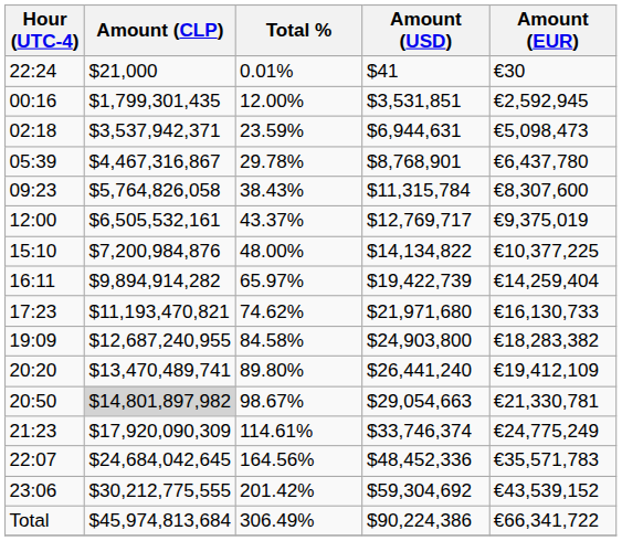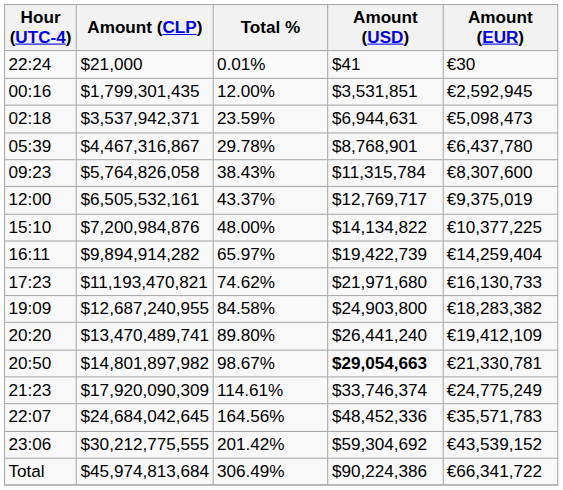 <table class="wikitable">
 <tr>
 <th width="60">Hour (<a href='#'>UTC-4</a>)</th>
 <th width="100">Amount (<a href='#'>CLP</a>)</th>
 <th width="100">Total %</th>
 <th width="100">Amount (<a href='#'>USD</a>)</th>
 <th width="100">Amount (<a href='#'>EUR</a>)</th>
 </tr>
 <tr>
 <td>22:24</td>
 <td>$21,000</td>
 <td>0.01%</td>
 <td>$41</td>
 <td>€30</td>
 </tr>
 <tr>
 <td>00:16</td>
 <td>$1,799,301,435</td>
 <td>12.00%</td>
 <td>$3,531,851</td>
 <td>€2,592,945</td>
 </tr>
 <tr>
 <td>02:18</td>
 <td>$3,537,942,371</td>
 <td>23.59%</td>
 <td>$6,944,631</td>
 <td>€5,098,473</td>
 </tr>
 <tr>
 <td>05:39</td>
 <td>$4,467,316,867</td>
 <td>29.78%</td>
 <td>$8,768,901</td>
 <td>€6,437,780</td>
 </tr>
 <tr>
 <td>09:23</td>
 <td>$5,764,826,058</td>
 <td>38.43%</td>
 <td>$11,315,784</td>
 <td>€8,307,600</td>
 </tr>
 <tr>
 <td>12:00</td>
 <td>$6,505,532,161</td>
 <td>43.37%</td>
 <td>$12,769,717</td>
 <td>€9,375,019</td>
 </tr>
 <tr>
 <td>15:10</td>
 <td>$7,200,984,876</td>
 <td>48.00%</td>
 <td>$14,134,822</td>
 <td>€10,377,225</td>
 </tr>
 <tr>
 <td>16:11</td>
 <td>$9,894,914,282</td>
 <td>65.97%</td>
 <td>$19,422,739</td>
 <td>€14,259,404</td>
 </tr>
 <tr>
 <td>17:23</td>
 <td>$11,193,470,821</td>
 <td>74.62%</td>
 <td>$21,971,680</td>
 <td>€16,130,733</td>
 </tr>
 <tr>
 <td>19:09</td>
 <td>$12,687,240,955</td>
 <td>84.58%</td>
 <td>$24,903,800</td>
 <td>€18,283,382</td>
 </tr>
 <tr>
 <td>20:20</td>
 <td>$13,470,489,741</td>
 <td>89.80%</td>
 <td>$26,441,240</td>
 <td>€19,412,109</td>
 </tr>
 <tr>
 <td>20:50</td>
-<td style="background: lightgrey;">$14,801,897,982</td>
+<td>$14,801,897,982</td>
 <td>98.67%</td>
-<td>$29,054,663</td>
+<td><strong>$29,054,663</strong></td>
 <td>€21,330,781</td>
 </tr>
 <tr>
 <td>21:23</td>
 <td>$17,920,090,309</td>
 <td>114.61%</td>
 <td>$33,746,374</td>
 <td>€24,775,249</td>
 </tr>
 <tr>
 <td>22:07</td>
 <td>$24,684,042,645</td>
 <td>164.56%</td>
 <td>$48,452,336</td>
 <td>€35,571,783</td>
 </tr>
 <tr>
 <td>23:06</td>
 <td>$30,212,775,555</td>
 <td>201.42%</td>
 <td>$59,304,692</td>
 <td>€43,539,152</td>
 </tr>
 <tr>
 <td>Total</td>
 <td>$45,974,813,684</td>
 <td>306.49%</td>
 <td>$90,224,386</td>
 <td>€66,341,722</td>
 </tr>
 <tr>
 </tr>
 </table>
